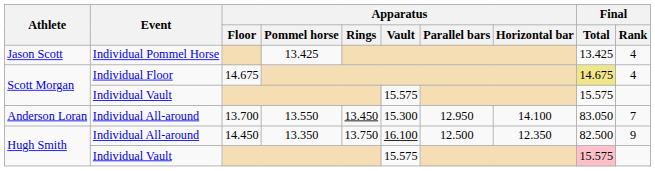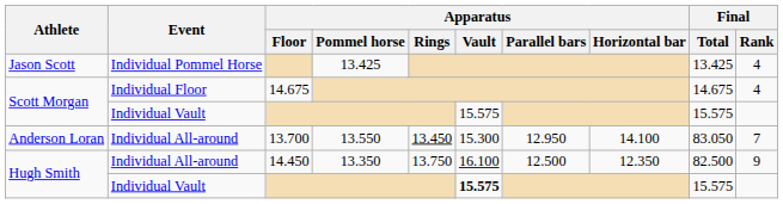 <table class="wikitable" style="font-size:90%">
 <tr>
 <th rowspan="2">Athlete</th>
 <th rowspan="2">Event</th>
 <th colspan = "6">Apparatus</th>
 <th colspan = "2">Final</th>
 </tr>
 <tr>
 <th>Floor</th>
 <th>Pommel horse</th>
 <th>Rings</th>
 <th>Vault</th>
 <th>Parallel bars</th>
 <th>Horizontal bar</th>
 <th>Total</th>
 <th>Rank</th>
 </tr>
 <tr>
 <td><a href='#'>Jason Scott</a></td>
 <td><a href='#'>Individual Pommel Horse</a></td>
 <td align=center bgcolor=wheat></td>
 <td align=center>13.425</td>
 <td align=center colspan=4 bgcolor=wheat></td>
 <td align=center>13.425</td>
 <td align=center>4</td>
 </tr>
 <tr>
 <td rowspan=2><a href='#'>Scott Morgan</a></td>
 <td><a href='#'>Individual Floor</a></td>
 <td align=center>14.675</td>
 <td align=center colspan=5 bgcolor=wheat></td>
-<td align=center style="background: khaki;">14.675</td>
+<td align=center>14.675</td>
 <td align=center>4</td>
 </tr>
 <tr>
 <td><a href='#'>Individual Vault</a></td>
 <td align=center colspan=3 bgcolor=wheat></td>
 <td align=center>15.575</td>
 <td align=center colspan=2 bgcolor=wheat></td>
 <td align=center>15.575</td>
 <td align=center></td>
 </tr>
 <tr>
 <td><a href='#'>Anderson Loran</a></td>
 <td><a href='#'>Individual All-around</a></td>
 <td align=center>13.700</td>
 <td align=center>13.550</td>
 <td align=center><u>13.450</u></td>
 <td align=center>15.300</td>
 <td align=center>12.950</td>
 <td align=center>14.100</td>
 <td align=center>83.050</td>
 <td align=center>7</td>
 </tr>
 <tr>
 <td rowspan=2><a href='#'>Hugh Smith</a></td>
 <td><a href='#'>Individual All-around</a></td>
 <td align=center>14.450</td>
 <td align=center>13.350</td>
 <td align=center>13.750</td>
 <td align=center><u>16.100</u></td>
 <td align=center>12.500</td>
 <td align=center>12.350</td>
 <td align=center>82.500</td>
 <td align=center>9</td>
 </tr>
 <tr>
 <td><a href='#'>Individual Vault</a></td>
 <td align=center colspan=3 bgcolor=wheat></td>
+<td align=center><strong>15.575</strong></td>
+<td align=center colspan=2 bgcolor=wheat></td>
 <td align=center>15.575</td>
-<td align=center colspan=2 bgcolor=wheat></td>
-<td align=center style="background: pink;">15.575</td>
 <td align=center></td>
 </tr>
 </table>
